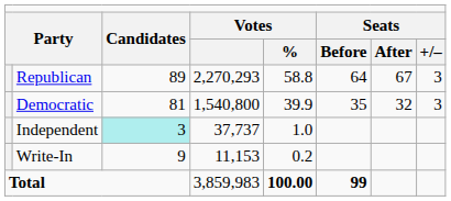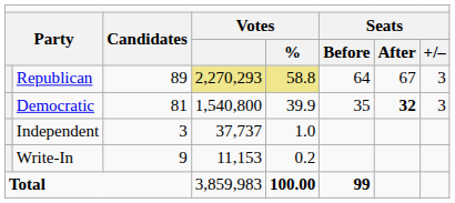 <table class="wikitable">
 <tr>
 <td colspan=13 align=center></td>
 </tr>
 <tr>
 <th rowspan="2" colspan="2">Party</th>
 <th rowspan="2">Candidates</th>
 <th colspan="2">Votes</th>
 <th colspan="3">Seats</th>
 </tr>
 <tr>
 <th></th>
 <th>%</th>
 <th>Before</th>
 <th>After</th>
 <th>+/–</th>
 </tr>
 <tr>
 <th style="background-color:"></th>
 <td><a href='#'>Republican</a></td>
 <td align="right">89</td>
-<td align="right">2,270,293</td>
-<td align="right">58.8</td>
+<td align="right" style="background: khaki;">2,270,293</td>
+<td align="right" style="background: khaki;">58.8</td>
 <td align="right" >64</td>
 <td align="right" >67</td>
 <td align="right"> 3</td>
 </tr>
 <tr>
 <th style="background-color:"></th>
 <td><a href='#'>Democratic</a></td>
 <td align="right">81</td>
 <td align="right">1,540,800</td>
 <td align="right">39.9</td>
 <td align="right">35</td>
-<td align="right">32</td>
+<td align="right"><strong>32</strong></td>
 <td align="right"> 3</td>
 </tr>
 <tr>
 <th></th>
 <td>Independent</td>
-<td align="right" style="background: paleturquoise;">3</td>
+<td align="right">3</td>
 <td align="right">37,737</td>
 <td align="right">1.0</td>
 <td></td>
 <td></td>
 <td></td>
 </tr>
 <tr>
 <th></th>
 <td>Write-In</td>
 <td align="right">9</td>
 <td align="right">11,153</td>
 <td align="right">0.2</td>
 <td></td>
 <td></td>
 <td></td>
 </tr>
 <tr>
 <td colspan="3" align="left"><strong>Total</strong></td>
 <td align="right">3,859,983</td>
 <td align="right"><strong>100.00</strong></td>
 <td align="right"><strong>99</strong></td>
 <td align="right"></td>
 <td align="right"></td>
 </tr>
 </table>
